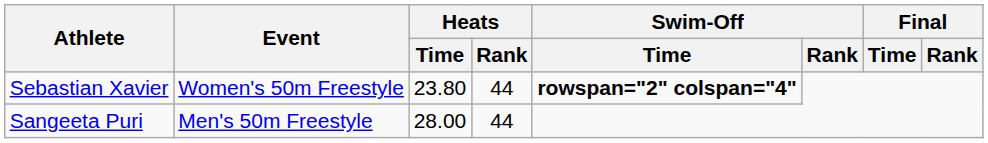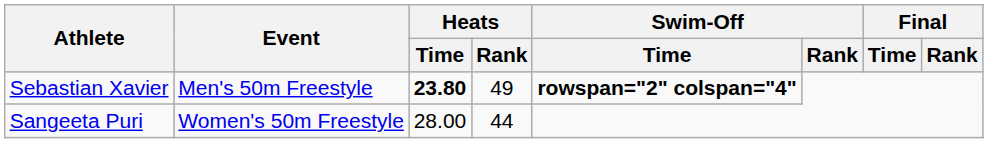 <table class="wikitable" style="font-size:90%">
 <tr>
 <th rowspan="2">Athlete</th>
 <th rowspan="2">Event</th>
 <th colspan="2">Heats</th>
 <th colspan="2">Swim-Off</th>
 <th colspan="2">Final</th>
 </tr>
 <tr>
 <th>Time</th>
 <th>Rank</th>
 <th>Time</th>
 <th>Rank</th>
 <th>Time</th>
 <th>Rank</th>
 </tr>
 <tr align="center">
 <td align=left><a href='#'>Sebastian Xavier</a></td>
-<td align=left><a href='#'>Women's 50m Freestyle</a></td>
-<td>23.80</td>
-<td>44</td>
+<td align=left><a href='#'>Men's 50m Freestyle</a></td>
+<td><strong>23.80</strong></td>
+<td>49</td>
 <td><strong>rowspan="2" colspan="4" </strong></td>
 </tr>
 <tr align="center">
 <td align=left><a href='#'>Sangeeta Puri</a></td>
-<td align=left><a href='#'>Men's 50m Freestyle</a></td>
+<td align=left><a href='#'>Women's 50m Freestyle</a></td>
 <td>28.00</td>
 <td>44</td>
 </tr>
 </table>
